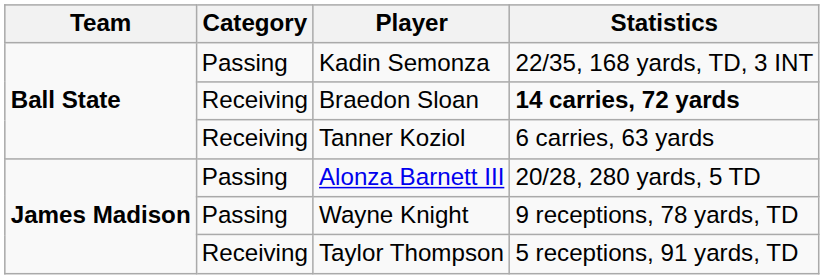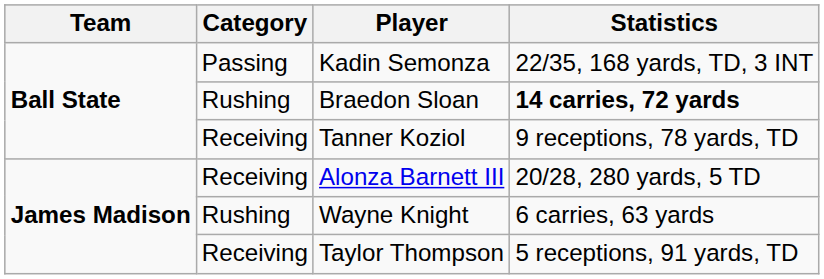 <table class="wikitable" style="float: right;">
 <tr>
 <th>Team</th>
 <th>Category</th>
 <th>Player</th>
 <th>Statistics</th>
 </tr>
 <tr>
 <td rowspan=3><strong>Ball State</strong></td>
 <td>Passing</td>
 <td>Kadin Semonza</td>
 <td>22/35, 168 yards, TD, 3 INT</td>
 </tr>
 <tr>
-<td>Receiving</td>
+<td>Rushing</td>
 <td>Braedon Sloan</td>
 <td><strong>14 carries, 72 yards</strong></td>
 </tr>
 <tr>
 <td>Receiving</td>
 <td>Tanner Koziol</td>
-<td>6 carries, 63 yards</td>
+<td>9 receptions, 78 yards, TD</td>
 </tr>
 <tr>
 <td rowspan=3><strong>James Madison</strong></td>
-<td>Passing</td>
+<td>Receiving</td>
 <td><a href='#'>Alonza Barnett III</a></td>
 <td>20/28, 280 yards, 5 TD</td>
 </tr>
 <tr>
-<td>Passing</td>
+<td>Rushing</td>
 <td>Wayne Knight</td>
-<td>9 receptions, 78 yards, TD</td>
+<td>6 carries, 63 yards</td>
 </tr>
 <tr>
 <td>Receiving</td>
 <td>Taylor Thompson</td>
 <td>5 receptions, 91 yards, TD</td>
 </tr>
 </table>
